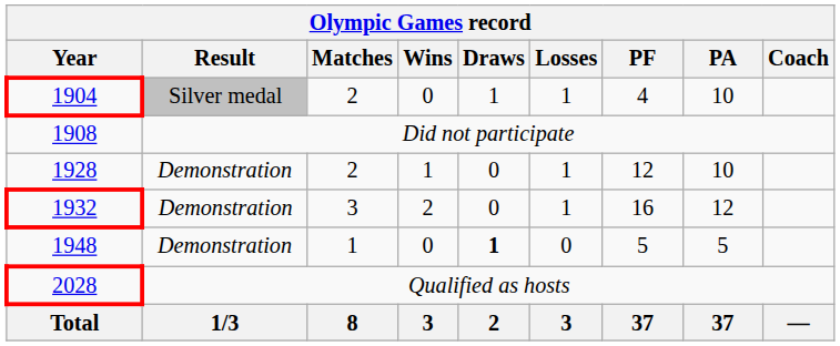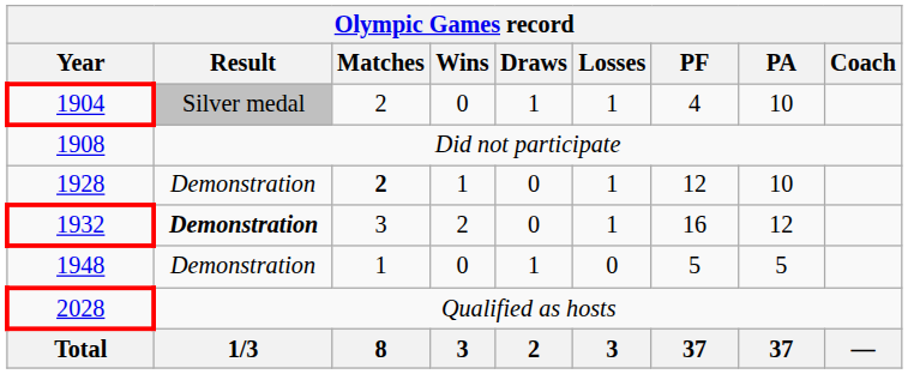 <table class="wikitable"  style="text-align:center;">
 <tr>
 <th colspan=9><strong><a href='#'>Olympic Games</a> record</strong></th>
 </tr>
 <tr>
 <th width=90>Year</th>
 <th width=110>Result</th>
 <th>Matches</th>
 <th>Wins</th>
 <th>Draws</th>
 <th>Losses</th>
 <th width=50>PF</th>
 <th width=50>PA</th>
 <th>Coach</th>
 </tr>
 <tr>
 <td style="border: 3px solid red"> <a href='#'>1904</a></td>
 <td style="background:silver;">Silver medal</td>
 <td>2</td>
 <td>0</td>
 <td>1</td>
 <td>1</td>
 <td>4</td>
 <td>10</td>
 <td></td>
 </tr>
 <tr>
 <td> <a href='#'>1908</a></td>
 <td colspan=8><em>Did not participate</em></td>
 </tr>
 <tr>
 <td> <a href='#'>1928</a></td>
 <td><em>Demonstration</em></td>
-<td>2</td>
+<td><strong>2</strong></td>
 <td>1</td>
 <td>0</td>
 <td>1</td>
 <td>12</td>
 <td>10</td>
 <td></td>
 </tr>
 <tr>
 <td style="border: 3px solid red"> <a href='#'>1932</a></td>
-<td><em>Demonstration</em></td>
+<td><strong><em>Demonstration</em></strong></td>
 <td>3</td>
 <td>2</td>
 <td>0</td>
 <td>1</td>
 <td>16</td>
 <td>12</td>
 <td></td>
 </tr>
 <tr>
 <td> <a href='#'>1948</a></td>
 <td><em>Demonstration</em></td>
 <td>1</td>
 <td>0</td>
-<td><strong>1</strong></td>
+<td>1</td>
 <td>0</td>
 <td>5</td>
 <td>5</td>
 <td></td>
 </tr>
 <tr>
 <td style="border: 3px solid red"> <a href='#'>2028</a></td>
 <td colspan=8><em>Qualified as hosts</em></td>
 </tr>
 <tr>
 <th>Total</th>
 <th>1/3</th>
 <th>8</th>
 <th>3</th>
 <th>2</th>
 <th>3</th>
 <th>37</th>
 <th>37</th>
 <th>—</th>
 </tr>
 </table>
